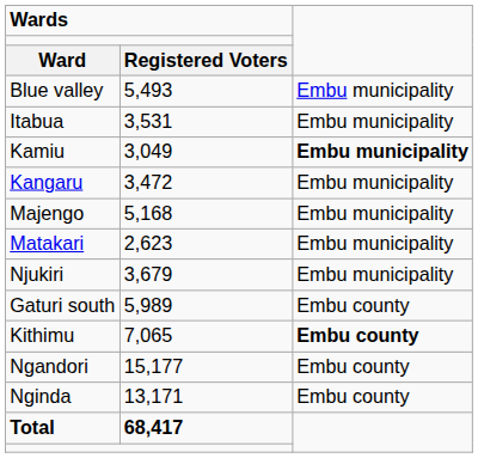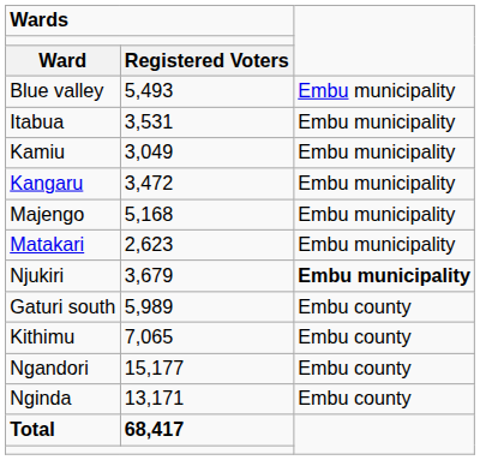 <table class="wikitable">
 <tr>
 <td colspan="2"><strong>Wards</strong></td>
 </tr>
 <tr>
 <td colspan="2"></td>
 </tr>
 <tr>
 <th>Ward</th>
 <th>Registered Voters</th>
 </tr>
 <tr>
 <td>Blue valley</td>
 <td>5,493</td>
 <td><a href='#'>Embu</a> municipality</td>
 </tr>
 <tr>
 <td>Itabua</td>
 <td>3,531</td>
 <td>Embu municipality</td>
 </tr>
 <tr>
 <td>Kamiu</td>
 <td>3,049</td>
-<td><strong>Embu municipality</strong></td>
+<td>Embu municipality</td>
 </tr>
 <tr>
 <td><a href='#'>Kangaru</a></td>
 <td>3,472</td>
 <td>Embu municipality</td>
 </tr>
 <tr>
 <td>Majengo</td>
 <td>5,168</td>
 <td>Embu municipality</td>
 </tr>
 <tr>
 <td><a href='#'>Matakari</a></td>
 <td>2,623</td>
 <td>Embu municipality</td>
 </tr>
 <tr>
 <td>Njukiri</td>
 <td>3,679</td>
-<td>Embu municipality</td>
+<td><strong>Embu municipality</strong></td>
 </tr>
 <tr>
 <td>Gaturi south</td>
 <td>5,989</td>
 <td>Embu county</td>
 </tr>
 <tr>
 <td>Kithimu</td>
 <td>7,065</td>
-<td><strong>Embu county</strong></td>
+<td>Embu county</td>
 </tr>
 <tr>
 <td>Ngandori</td>
 <td>15,177</td>
 <td>Embu county</td>
 </tr>
 <tr>
 <td>Nginda</td>
 <td>13,171</td>
 <td>Embu county</td>
 </tr>
 <tr>
 <td><strong>Total</strong></td>
 <td><strong>68,417</strong></td>
 </tr>
 <tr>
 <td colspan="2"></td>
 </tr>
 </table>
